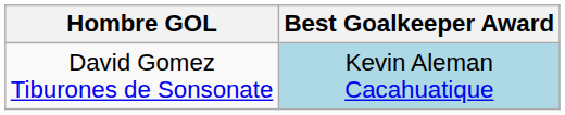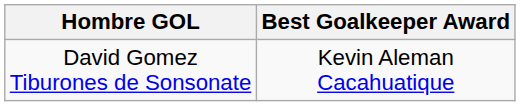 <table class="wikitable" style="margin: 0 auto;">
 <tr>
 <th>Hombre GOL</th>
 <th>Best Goalkeeper Award</th>
 </tr>
 <tr>
 <td align=center> David Gomez <br> <a href='#'>Tiburones de Sonsonate</a></td>
-<td align=center style="background: lightblue;"> Kevin Aleman <br> <a href='#'>Cacahuatique</a></td>
+<td align=center> Kevin Aleman <br> <a href='#'>Cacahuatique</a></td>
 </tr>
 </table>
